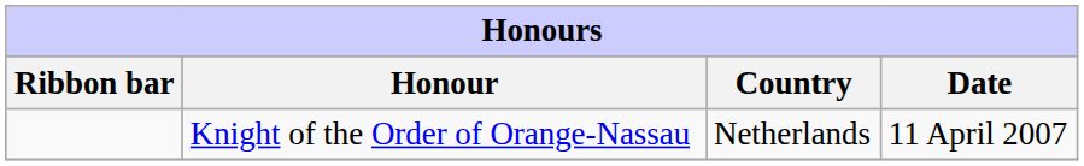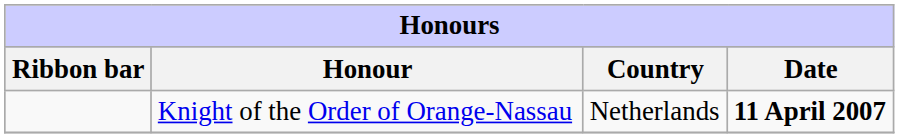 <table class="wikitable" style="width:60%;">
 <tr style="background:#ccf; text-align:center;">
 <td colspan=5><strong>Honours</strong></td>
 </tr>
 <tr>
 <th style="width:80px;">Ribbon bar</th>
 <th>Honour</th>
 <th>Country</th>
 <th>Date</th>
 </tr>
 <tr>
 <td></td>
 <td><a href='#'>Knight</a> of the <a href='#'>Order of Orange-Nassau</a></td>
 <td>Netherlands</td>
-<td>11 April 2007</td>
+<td><strong>11 April 2007</strong></td>
 </tr>
 <tr>
 </tr>
 </table>
